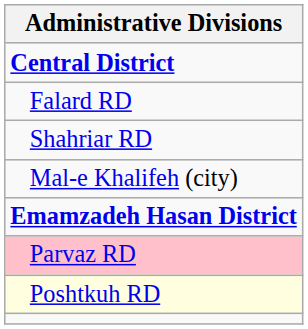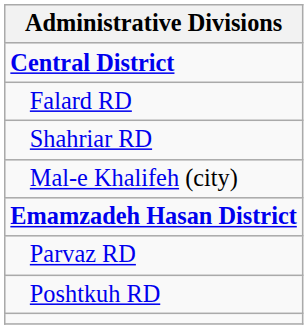 <table class="wikitable">
 <tr>
 <th>Administrative Divisions</th>
 </tr>
 <tr>
 <td><strong><a href='#'>Central District</a></strong></td>
 </tr>
 <tr>
 <td style="padding-left: 1em;"><a href='#'>Falard RD</a></td>
 </tr>
 <tr>
 <td style="padding-left: 1em;"><a href='#'>Shahriar RD</a></td>
 </tr>
 <tr>
 <td style="padding-left: 1em;"><a href='#'>Mal-e Khalifeh</a> (city)</td>
 </tr>
 <tr>
 <td><strong><a href='#'>Emamzadeh Hasan District</a></strong></td>
 </tr>
 <tr>
-<td style="background: pink; padding-left: 1em;"><a href='#'>Parvaz RD</a></td>
+<td style="padding-left: 1em;"><a href='#'>Parvaz RD</a></td>
 </tr>
 <tr>
-<td style="background: lightyellow; padding-left: 1em;"><a href='#'>Poshtkuh RD</a></td>
+<td style="padding-left: 1em;"><a href='#'>Poshtkuh RD</a></td>
 </tr>
 <tr>
 <td colspan=1></td>
 </tr>
 </table>
